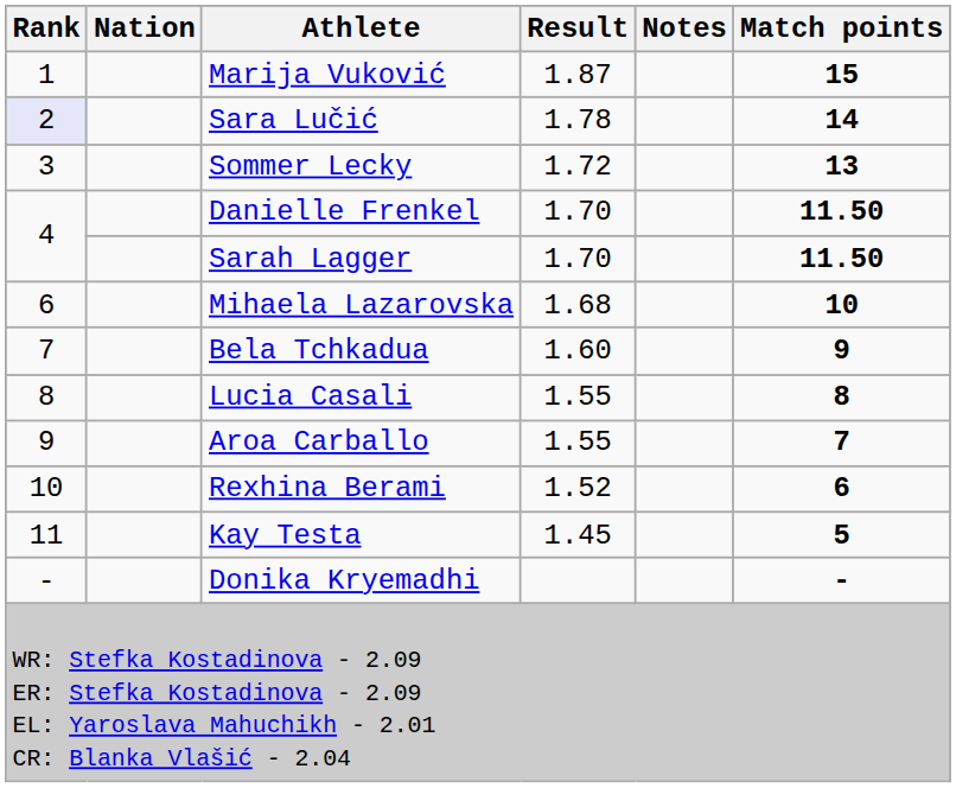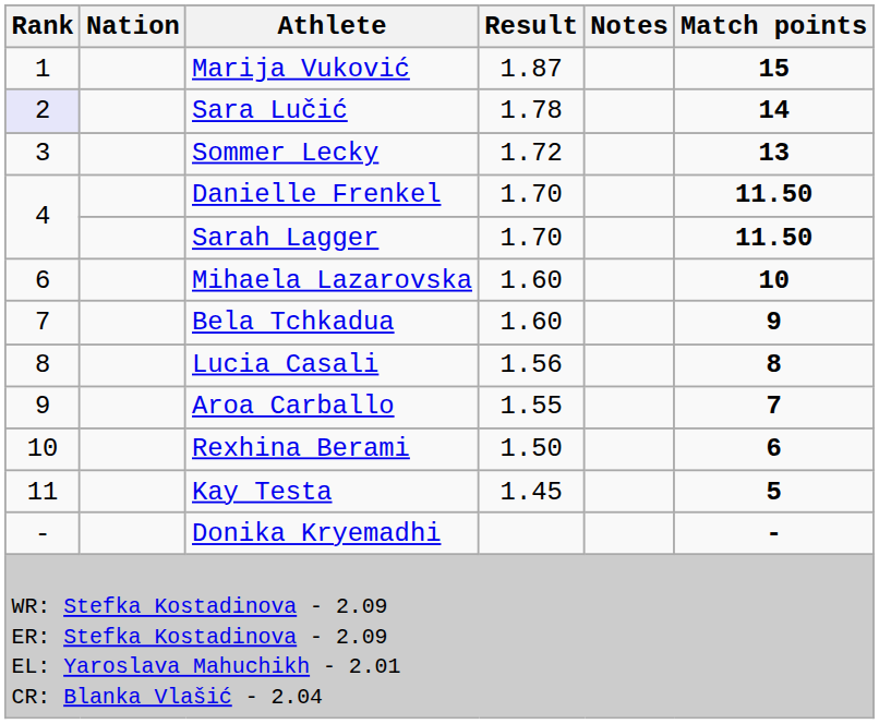 <table class="wikitable sortable" style="text-align:left;">
 <tr>
 <th>Rank</th>
 <th>Nation</th>
 <th>Athlete</th>
 <th>Result</th>
 <th>Notes</th>
 <th>Match points</th>
 </tr>
 <tr>
 <td align=center>1</td>
 <td></td>
 <td><a href='#'>Marija Vuković</a></td>
 <td align=center>1.87</td>
 <td></td>
 <td align=center><strong>15</strong></td>
 </tr>
 <tr>
 <td align=center style="background: lavender;">2</td>
 <td></td>
 <td><a href='#'>Sara Lučić</a></td>
 <td align=center>1.78</td>
 <td align=center></td>
 <td align=center><strong>14</strong></td>
 </tr>
 <tr>
 <td align=center>3</td>
 <td></td>
 <td><a href='#'>Sommer Lecky</a></td>
 <td align=center>1.72</td>
 <td></td>
 <td align=center><strong>13</strong></td>
 </tr>
 <tr>
 <td align=center rowspan=2>4</td>
 <td></td>
 <td><a href='#'>Danielle Frenkel</a></td>
 <td align=center>1.70</td>
 <td></td>
 <td align=center><strong>11.50</strong></td>
 </tr>
 <tr>
 <td></td>
 <td><a href='#'>Sarah Lagger</a></td>
 <td align=center>1.70</td>
 <td></td>
 <td align=center><strong>11.50</strong></td>
 </tr>
 <tr>
 <td align=center>6</td>
 <td></td>
 <td><a href='#'>Mihaela Lazarovska</a></td>
-<td align=center>1.68</td>
+<td align=center>1.60</td>
 <td align=center></td>
 <td align=center><strong>10</strong></td>
 </tr>
 <tr>
 <td align=center>7</td>
 <td></td>
 <td><a href='#'>Bela Tchkadua</a></td>
 <td align=center>1.60</td>
 <td align=center></td>
 <td align=center><strong>9</strong></td>
 </tr>
 <tr>
 <td align=center>8</td>
 <td></td>
 <td><a href='#'>Lucia Casali</a></td>
-<td align=center>1.55</td>
+<td align=center>1.56</td>
 <td align=center></td>
 <td align=center><strong>8</strong></td>
 </tr>
 <tr>
 <td align=center>9</td>
 <td></td>
 <td><a href='#'>Aroa Carballo</a></td>
 <td align=center>1.55</td>
 <td align=center></td>
 <td align=center><strong>7</strong></td>
 </tr>
 <tr>
 <td align=center>10</td>
 <td></td>
 <td><a href='#'>Rexhina Berami</a></td>
-<td align=center>1.52</td>
+<td align=center>1.50</td>
 <td></td>
 <td align=center><strong>6</strong></td>
 </tr>
 <tr>
 <td align=center>11</td>
 <td></td>
 <td><a href='#'>Kay Testa</a></td>
 <td align=center>1.45</td>
 <td align=center></td>
 <td align=center><strong>5</strong></td>
 </tr>
 <tr>
 <td align=center>-</td>
 <td></td>
 <td><a href='#'>Donika Kryemadhi</a></td>
 <td align=center></td>
 <td></td>
 <td align=center><strong>-</strong></td>
 </tr>
 <tr>
 <td colspan="6" bgcolor="#cccccc"><br> <small>WR:   <a href='#'>Stefka Kostadinova</a> - 2.09<br>ER:  <a href='#'>Stefka Kostadinova</a> - 2.09<br></small> <small>EL:   <a href='#'>Yaroslava Mahuchikh</a> - 2.01<br>CR:  <a href='#'>Blanka Vlašić</a> - 2.04</small></td>
 </tr>
 </table>
